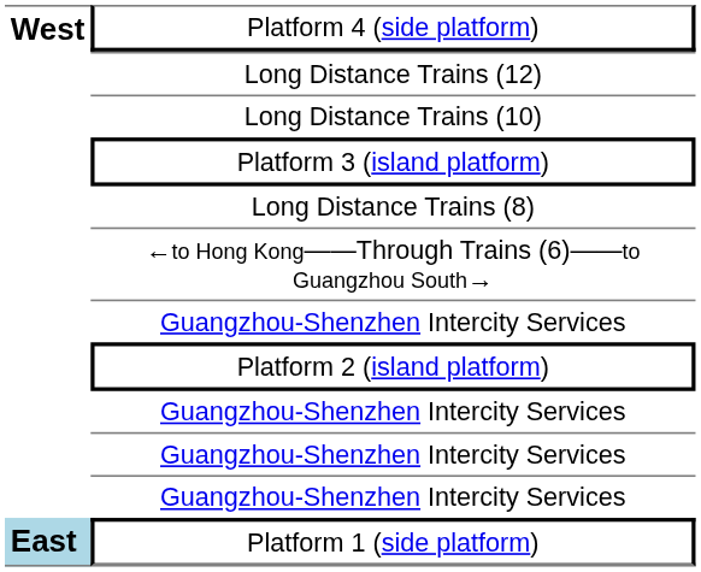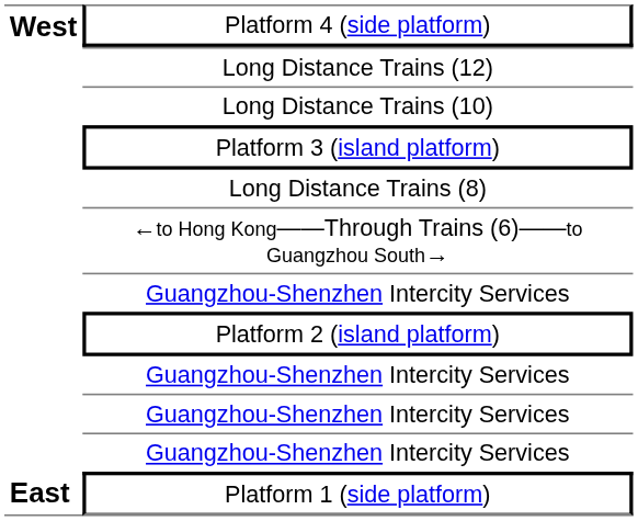 <table table border=0 cellspacing=0 cellpadding=3>
 <tr>
 <td style="border-top:solid 1px gray; width: 30px" rowspan=12 valign=top><strong>West</strong></td>
 </tr>
 <tr>
 <td style="border-top:solid 1px gray;border-right:solid 2px black;border-left:solid 2px black;border-bottom:solid 2px black;font-size:smaller;" align=center>Platform 4 (<a href='#'>side platform</a>)</td>
 </tr>
 <tr>
 <td style="border-top:solid 1px gray;font-size:smaller;" align=center>Long Distance Trains (12)</td>
 </tr>
 <tr>
 <td style="border-top:solid 1px gray;font-size:smaller;" align=center>Long Distance Trains (10)</td>
 </tr>
 <tr>
 <td style="border-right:solid 2px black;border-left:solid 2px black;border-bottom:solid 2px black;border-top:solid 2px black; black;font-size:smaller;" width=300px align=center>Platform 3 (<a href='#'>island platform</a>)</td>
 </tr>
 <tr>
 <td style="border-bottom:solid 1px gray;font-size:smaller;" align=center>Long Distance Trains (8)</td>
 </tr>
 <tr>
 <td style="border-bottom:solid 1px gray;font-size:smaller;" align=center>←<small>to Hong Kong</small>——Through Trains (6)——<small>to Guangzhou South</small>→</td>
 </tr>
 <tr>
 <td style="font-size:smaller;" align=center><a href='#'>Guangzhou-Shenzhen</a> Intercity Services</td>
 </tr>
 <tr>
 <td style="border-top:solid 2px black;border-right:solid 2px black;border-left:solid 2px black;border-bottom:solid 2px black;font-size:smaller;text-align:center;" colspan=2>Platform 2 (<a href='#'>island platform</a>)</td>
 </tr>
 <tr>
 <td style="border-bottom:solid 1px gray;font-size:smaller;" align=center><a href='#'>Guangzhou-Shenzhen</a> Intercity Services</td>
 </tr>
 <tr>
 <td style="border-bottom:solid 1px gray;font-size:smaller;" align=center><a href='#'>Guangzhou-Shenzhen</a> Intercity Services</td>
 </tr>
 <tr>
 <td style="border-bottom:solid 0px;font-size:smaller;" align=center><a href='#'>Guangzhou-Shenzhen</a> Intercity Services</td>
 </tr>
 <tr>
-<td style="background: lightblue; border-bottom:solid 1px gray;" valign=top><strong>East</strong></td>
+<td style="border-bottom:solid 1px gray;" valign=top><strong>East</strong></td>
 <td style="border-top:solid 2px black;border-right:solid 2px black;border-left:solid 2px black;border-bottom:solid 2px gray;font-size:smaller;text-align:center;" colspan=2>Platform 1 (<a href='#'>side platform</a>)</td>
 </tr>
 </table>
